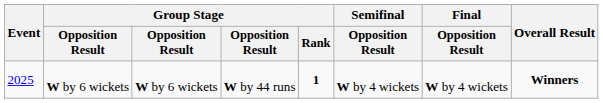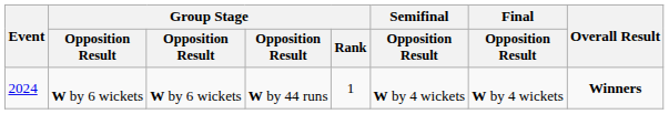 <table class=wikitable style=font-size:90%;text-align:center>
 <tr>
 <th rowspan=2>Event</th>
 <th colspan=4>Group Stage</th>
 <th>Semifinal</th>
 <th>Final</th>
 <th rowspan=2>Overall Result</th>
 </tr>
 <tr style=font-size:95%>
 <th>Opposition<br>Result</th>
 <th>Opposition<br>Result</th>
 <th>Opposition<br>Result</th>
 <th>Rank</th>
 <th>Opposition<br>Result</th>
 <th>Opposition<br>Result</th>
 </tr>
 <tr>
-<td align=left><a href='#'>2025</a></td>
+<td align=left><a href='#'>2024</a></td>
 <td><br><strong>W</strong> by 6 wickets</td>
 <td><br><strong>W</strong> by 6 wickets</td>
 <td><br><strong>W</strong> by 44 runs</td>
-<td><strong>1</strong></td>
+<td>1</td>
 <td><br><strong>W</strong> by 4 wickets</td>
 <td><br><strong>W</strong> by 4 wickets</td>
 <td><strong>Winners</strong></td>
 </tr>
 </table>
